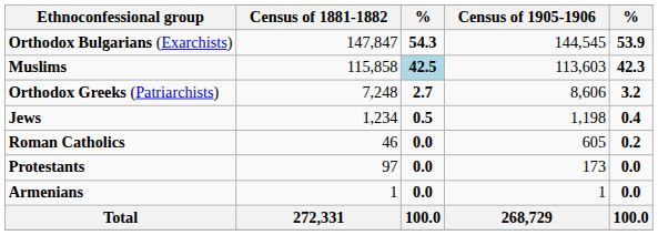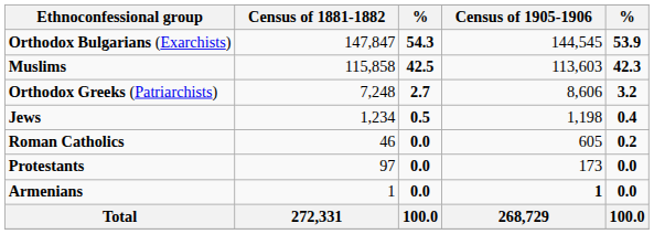 <table class="wikitable" style="text-align:center;">
 <tr>
 <th rowspan="2">Ethnoconfessional group</th>
 </tr>
 <tr>
 <th style="width:120pt;">Census of 1881-1882</th>
 <th>%</th>
 <th style="width:120pt;">Census of 1905-1906</th>
 <th>%</th>
 </tr>
 <tr>
 <td align="left"><strong>Orthodox Bulgarians</strong>  (<a href='#'>Exarchists</a>)</td>
 <td align="right">147,847</td>
 <td><strong>54.3</strong></td>
 <td align="right">144,545</td>
 <td><strong>53.9</strong></td>
 </tr>
 <tr>
 <td align="left"><strong>Muslims</strong></td>
 <td align="right">115,858</td>
-<td style="background: lightblue;"><strong>42.5</strong></td>
+<td><strong>42.5</strong></td>
 <td align="right">113,603</td>
 <td><strong>42.3</strong></td>
 </tr>
 <tr>
 <td align="left"><strong>Orthodox Greeks</strong> (<a href='#'>Patriarchists</a>)</td>
 <td align="right">7,248</td>
 <td><strong>2.7</strong></td>
 <td align="right">8,606</td>
 <td><strong>3.2</strong></td>
 </tr>
 <tr>
 <td align="left"><strong>Jews</strong></td>
 <td align="right">1,234</td>
 <td><strong>0.5</strong></td>
 <td align="right">1,198</td>
 <td><strong>0.4</strong></td>
 </tr>
 <tr>
 <td align="left"><strong>Roman Catholics</strong></td>
 <td align="right">46</td>
 <td><strong>0.0</strong></td>
 <td align="right">605</td>
 <td><strong>0.2</strong></td>
 </tr>
 <tr>
 <td align="left"><strong>Protestants</strong></td>
 <td align="right">97</td>
 <td><strong>0.0</strong></td>
 <td align="right">173</td>
 <td><strong>0.0</strong></td>
 </tr>
 <tr>
 <td align="left"><strong>Armenians</strong></td>
 <td align="right">1</td>
 <td><strong>0.0</strong></td>
-<td align="right">1</td>
+<td align="right"><strong>1</strong></td>
 <td><strong>0.0</strong></td>
 </tr>
 <tr>
 <th align="left"><strong>Total</strong></th>
 <th align="right">272,331</th>
 <th><strong>100.0</strong></th>
 <th align="right">268,729</th>
 <th><strong>100.0</strong></th>
 </tr>
 <tr>
 </tr>
 </table>
